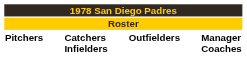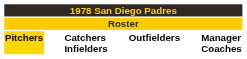 <table class="toccolours" style="font-size: 95%;">
 <tr>
 <th colspan="10" style="background-color: #312821; color: #FFCC00; text-align: center;">1978 San Diego Padres</th>
 </tr>
 <tr>
 <td colspan="10" style="background-color: #FFCC00; color: #312821; text-align: center;"><strong>Roster</strong></td>
 </tr>
 <tr>
-<td valign="top"><strong>Pitchers</strong><br>               </td>
+<td valign="top" style="background: gold;"><strong>Pitchers</strong><br>               </td>
 <td width="25px"></td>
 <td valign="top"><strong>Catchers</strong><br>    <strong>Infielders</strong>         </td>
 <td width="25px"></td>
 <td valign="top"><strong>Outfielders</strong><br>        </td>
 <td width="25px"></td>
 <td valign="top"><strong>Manager</strong><br> <strong>Coaches</strong>      </td>
 </tr>
 </table>
